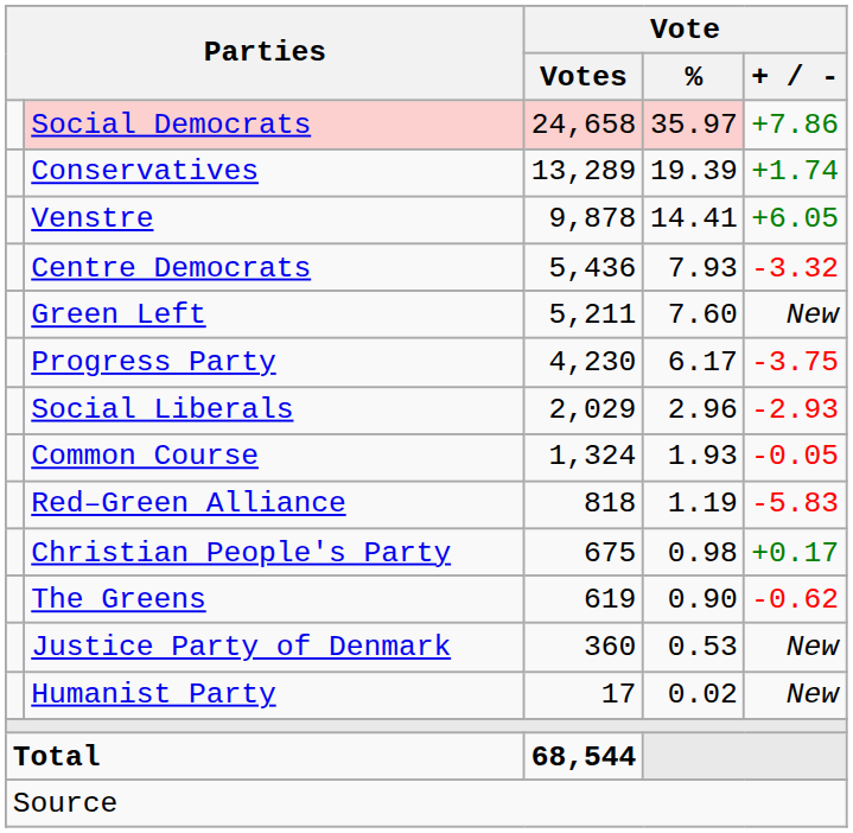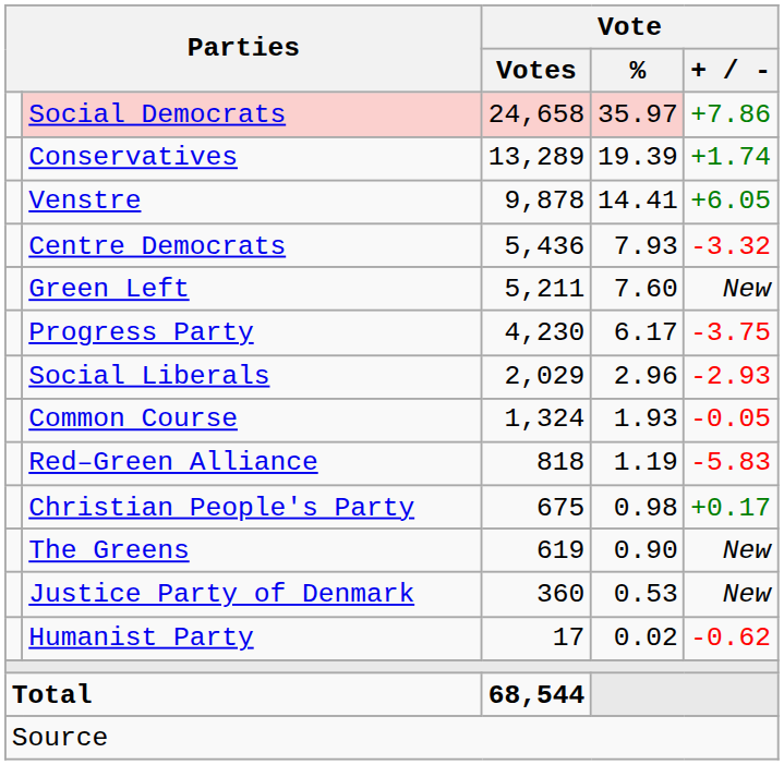 <table class="wikitable" style="text-align:right;">
 <tr>
 <th style="text-align:centre;" rowspan="2" colspan="2" width="225">Parties</th>
 <th colspan="3">Vote</th>
 </tr>
 <tr>
 <th width="15">Votes</th>
 <th width="15">%</th>
 <th width="15">+ / -</th>
 </tr>
 <tr>
 <td width="2" style="color:inherit;background:"></td>
 <td bgcolor=#fbd0ce  align="left"><a href='#'>Social Democrats</a></td>
 <td bgcolor=#fbd0ce>24,658</td>
 <td bgcolor=#fbd0ce>35.97</td>
 <td style=color:green;>+7.86</td>
 </tr>
 <tr>
 <td width="2" style="color:inherit;background:"></td>
 <td align="left"><a href='#'>Conservatives</a></td>
 <td>13,289</td>
 <td>19.39</td>
 <td style=color:green;>+1.74</td>
 </tr>
 <tr>
 <td width="2" style="color:inherit;background:"></td>
 <td align="left"><a href='#'>Venstre</a></td>
 <td>9,878</td>
 <td>14.41</td>
 <td style=color:green;>+6.05</td>
 </tr>
 <tr>
 <td width="2" style="color:inherit;background:"></td>
 <td align="left"><a href='#'>Centre Democrats</a></td>
 <td>5,436</td>
 <td>7.93</td>
 <td style=color:red;>-3.32</td>
 </tr>
 <tr>
 <td width="2" style="color:inherit;background:"></td>
 <td align="left"><a href='#'>Green Left</a></td>
 <td>5,211</td>
 <td>7.60</td>
 <td><em>New</em></td>
 </tr>
 <tr>
 <td width="2" style="color:inherit;background:"></td>
 <td align="left"><a href='#'>Progress Party</a></td>
 <td>4,230</td>
 <td>6.17</td>
 <td style=color:red;>-3.75</td>
 </tr>
 <tr>
 <td width="2" style="color:inherit;background:"></td>
 <td align="left"><a href='#'>Social Liberals</a></td>
 <td>2,029</td>
 <td>2.96</td>
 <td style=color:red;>-2.93</td>
 </tr>
 <tr>
 <td width="2" style="color:inherit;background:"></td>
 <td align="left"><a href='#'>Common Course</a></td>
 <td>1,324</td>
 <td>1.93</td>
 <td style=color:red;>-0.05</td>
 </tr>
 <tr>
 <td width="2" style="color:inherit;background:"></td>
 <td align="left"><a href='#'>Red–Green Alliance</a></td>
 <td>818</td>
 <td>1.19</td>
 <td style=color:red;>-5.83</td>
 </tr>
 <tr>
 <td width="2" style="color:inherit;background:"></td>
 <td align="left"><a href='#'>Christian People's Party</a></td>
 <td>675</td>
 <td>0.98</td>
 <td style=color:green;>+0.17</td>
 </tr>
 <tr>
 <td width="2" style="color:inherit;background:"></td>
 <td align="left"><a href='#'>The Greens</a></td>
 <td>619</td>
 <td>0.90</td>
-<td style=color:red;>-0.62</td>
+<td><em>New</em></td>
 </tr>
 <tr>
 <td width="2" style="color:inherit;background:"></td>
 <td align="left"><a href='#'>Justice Party of Denmark</a></td>
 <td>360</td>
 <td>0.53</td>
 <td><em>New</em></td>
 </tr>
 <tr>
 <td width="2" style="color:inherit;background:"></td>
 <td align="left"><a href='#'>Humanist Party</a></td>
 <td>17</td>
 <td>0.02</td>
-<td><em>New</em></td>
+<td style=color:red;>-0.62</td>
 </tr>
 <tr>
 <td colspan="7" bgcolor="#E9E9E9"></td>
 </tr>
 <tr>
 <td align="left" colspan="2"><strong>Total</strong></td>
 <td><strong>68,544</strong></td>
 <td bgcolor="#E9E9E9" colspan="2"></td>
 </tr>
 <tr>
 <td align="left" colspan="6">Source</td>
 </tr>
 </table>
